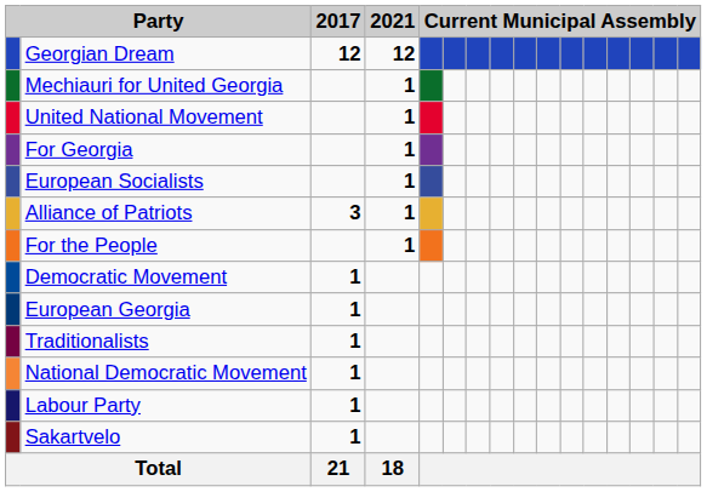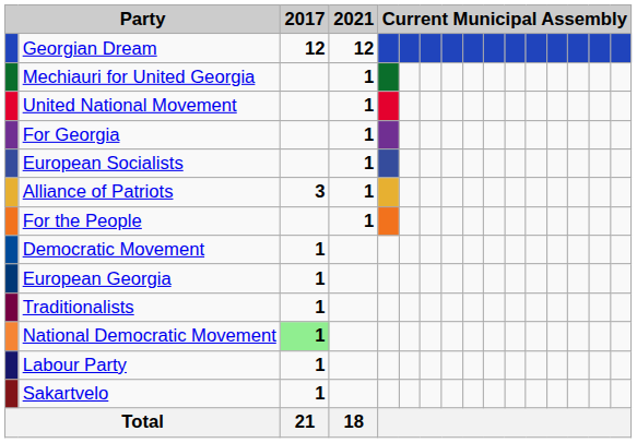 <table class="wikitable">
 <tr>
 <th colspan="2" style="background:#ccc">Party</th>
 <th style="background:#ccc">2017</th>
 <th style="background:#ccc">2021</th>
 <th colspan="44" style="background:#ccc">Current Municipal Assembly</th>
 </tr>
 <tr>
 <td style="background-color: #2044bc "> </td>
 <td><a href='#'>Georgian Dream</a></td>
 <td style="text-align: right"><strong>12</strong></td>
 <td style="text-align: right"><strong>12</strong></td>
 <td style="background-color: #2044bc "> </td>
 <td style="background-color: #2044bc "> </td>
 <td style="background-color: #2044bc "> </td>
 <td style="background-color: #2044bc "> </td>
 <td style="background-color: #2044bc "> </td>
 <td style="background-color: #2044bc "> </td>
 <td style="background-color: #2044bc "> </td>
 <td style="background-color: #2044bc "> </td>
 <td style="background-color: #2044bc "> </td>
 <td style="background-color: #2044bc "> </td>
 <td style="background-color: #2044bc "> </td>
 <td style="background-color: #2044bc "> </td>
 </tr>
 <tr>
 <td style="background-color: #0a6e2b "> </td>
 <td><a href='#'>Mechiauri for United Georgia</a></td>
 <td></td>
 <td style="text-align: right"><strong>1</strong></td>
 <td style="background-color: #0a6e2b "> </td>
 <td></td>
 <td></td>
 <td></td>
 <td></td>
 <td></td>
 <td></td>
 <td></td>
 <td></td>
 <td></td>
 <td></td>
 <td></td>
 </tr>
 <tr>
 <td style="background-color: #e4012e "> </td>
 <td><a href='#'>United National Movement</a></td>
 <td></td>
 <td style="text-align: right"><strong>1</strong></td>
 <td style="background-color: #e4012e "> </td>
 <td></td>
 <td></td>
 <td></td>
 <td></td>
 <td></td>
 <td></td>
 <td></td>
 <td></td>
 <td></td>
 <td></td>
 <td></td>
 </tr>
 <tr>
 <td style="background-color: #702F92 "> </td>
 <td><a href='#'>For Georgia</a></td>
 <td></td>
 <td style="text-align: right"><strong>1</strong></td>
 <td style="background-color: #702f92 "> </td>
 <td></td>
 <td></td>
 <td></td>
 <td></td>
 <td></td>
 <td></td>
 <td></td>
 <td></td>
 <td></td>
 <td></td>
 <td></td>
 </tr>
 <tr>
 <td style="background-color: #354c9c "> </td>
 <td><a href='#'>European Socialists</a></td>
 <td></td>
 <td style="text-align: right"><strong>1</strong></td>
 <td style="background-color: #354c9c "> </td>
 <td></td>
 <td></td>
 <td></td>
 <td></td>
 <td></td>
 <td></td>
 <td></td>
 <td></td>
 <td></td>
 <td></td>
 <td></td>
 </tr>
 <tr>
 <td style="background-color: #e7b031 "> </td>
 <td><a href='#'>Alliance of Patriots</a></td>
 <td style="text-align: right"><strong>3</strong></td>
 <td style="text-align: right"><strong>1</strong></td>
 <td style="background-color: #e7b031 "> </td>
 <td></td>
 <td></td>
 <td></td>
 <td></td>
 <td></td>
 <td></td>
 <td></td>
 <td></td>
 <td></td>
 <td></td>
 <td></td>
 </tr>
 <tr>
 <td style="background-color: #f2721d "> </td>
 <td><a href='#'>For the People</a></td>
 <td></td>
 <td style="text-align: right"><strong>1</strong></td>
 <td style="background-color: #f2721d "> </td>
 <td></td>
 <td></td>
 <td></td>
 <td></td>
 <td></td>
 <td></td>
 <td></td>
 <td></td>
 <td></td>
 <td></td>
 <td></td>
 </tr>
 <tr>
 <td style="background-color: #004a99 "> </td>
 <td><a href='#'>Democratic Movement</a></td>
 <td style="text-align: right"><strong>1</strong></td>
 <td></td>
 <td></td>
 <td></td>
 <td></td>
 <td></td>
 <td></td>
 <td></td>
 <td></td>
 <td></td>
 <td></td>
 <td></td>
 <td></td>
 <td></td>
 </tr>
 <tr>
 <td style="background-color: #003876 "> </td>
 <td><a href='#'>European Georgia</a></td>
 <td style="text-align: right"><strong>1</strong></td>
 <td></td>
 <td></td>
 <td></td>
 <td></td>
 <td></td>
 <td></td>
 <td></td>
 <td></td>
 <td></td>
 <td></td>
 <td></td>
 <td></td>
 <td></td>
 </tr>
 <tr>
 <td style="background-color: #750142 "> </td>
 <td><a href='#'>Traditionalists</a></td>
 <td style="text-align: right"><strong>1</strong></td>
 <td></td>
 <td></td>
 <td></td>
 <td></td>
 <td></td>
 <td></td>
 <td></td>
 <td></td>
 <td></td>
 <td></td>
 <td></td>
 <td></td>
 <td></td>
 </tr>
 <tr>
 <td style="background-color: #f58535 "> </td>
 <td><a href='#'>National Democratic Movement</a></td>
-<td style="text-align: right"><strong>1</strong></td>
+<td style="background: lightgreen; text-align: right"><strong>1</strong></td>
 <td></td>
 <td></td>
 <td></td>
 <td></td>
 <td></td>
 <td></td>
 <td></td>
 <td></td>
 <td></td>
 <td></td>
 <td></td>
 <td></td>
 <td></td>
 </tr>
 <tr>
 <td style="background-color: #16166b "> </td>
 <td><a href='#'>Labour Party</a></td>
 <td style="text-align: right"><strong>1</strong></td>
 <td></td>
 <td></td>
 <td></td>
 <td></td>
 <td></td>
 <td></td>
 <td></td>
 <td></td>
 <td></td>
 <td></td>
 <td></td>
 <td></td>
 <td></td>
 </tr>
 <tr>
 <td style="background-color: #811417 "> </td>
 <td><a href='#'>Sakartvelo</a></td>
 <td style="text-align: right"><strong>1</strong></td>
 <td></td>
 <td></td>
 <td></td>
 <td></td>
 <td></td>
 <td></td>
 <td></td>
 <td></td>
 <td></td>
 <td></td>
 <td></td>
 <td></td>
 <td></td>
 </tr>
 <tr>
 <th colspan="2">Total</th>
 <th align="right">21</th>
 <th align="right">18</th>
 <th colspan="44"> </th>
 </tr>
 </table>
